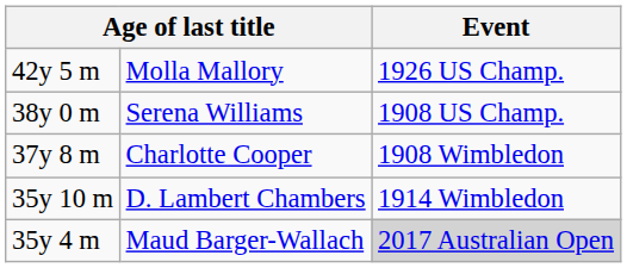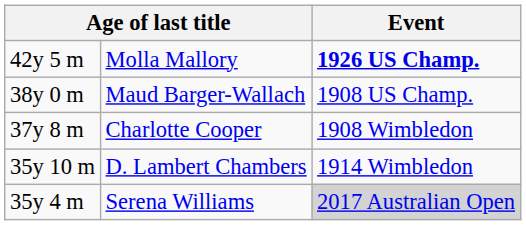 <table class=wikitable style="display:inline-table;">
 <tr>
 <th scope="col" colspan=2>Age of last title</th>
 <th scope="col">Event</th>
 </tr>
 <tr>
 <td>42y 5 m</td>
 <td> <a href='#'>Molla Mallory</a></td>
-<td><a href='#'>1926 US Champ.</a></td>
+<td><strong><a href='#'>1926 US Champ.</a></strong></td>
 </tr>
 <tr>
 <td>38y 0 m</td>
-<td> <a href='#'>Serena Williams</a></td>
+<td> <a href='#'>Maud Barger-Wallach</a></td>
 <td><a href='#'>1908 US Champ.</a></td>
 </tr>
 <tr>
 <td>37y 8 m</td>
 <td> <a href='#'>Charlotte Cooper</a></td>
 <td><a href='#'>1908 Wimbledon</a></td>
 </tr>
 <tr>
 <td>35y 10 m</td>
 <td> <a href='#'>D. Lambert Chambers</a></td>
 <td><a href='#'>1914 Wimbledon</a></td>
 </tr>
 <tr>
 <td>35y 4 m</td>
-<td> <a href='#'>Maud Barger-Wallach</a></td>
+<td> <a href='#'>Serena Williams</a></td>
 <td style="background: lightgrey;"><a href='#'>2017 Australian Open</a></td>
 </tr>
 </table>
